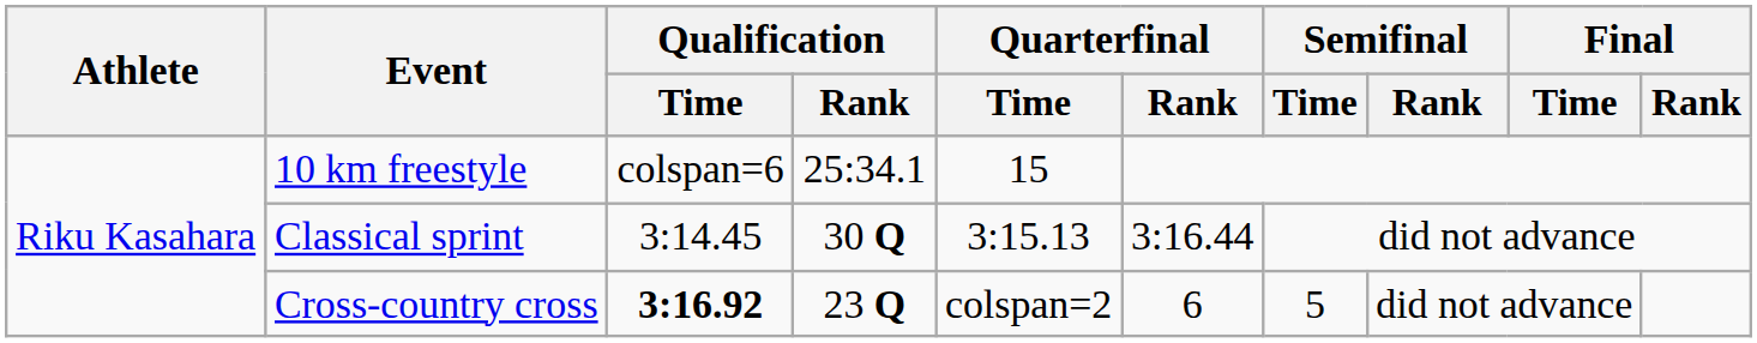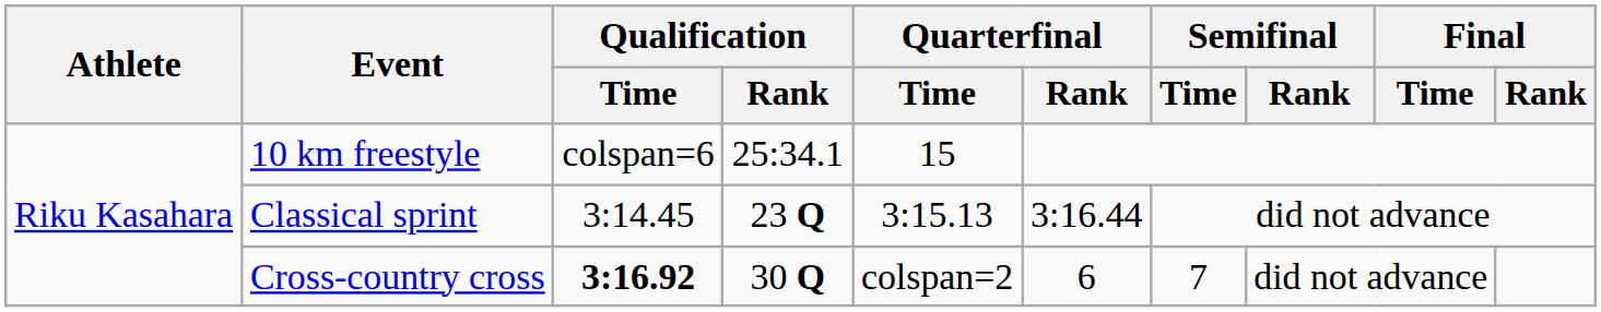 <table class="wikitable" style="font-size:90%">
 <tr>
 <th rowspan="2">Athlete</th>
 <th rowspan="2">Event</th>
 <th colspan="2">Qualification</th>
 <th colspan="2">Quarterfinal</th>
 <th colspan="2">Semifinal</th>
 <th colspan="2">Final</th>
 </tr>
 <tr style="font-size:95%">
 <th>Time</th>
 <th>Rank</th>
 <th>Time</th>
 <th>Rank</th>
 <th>Time</th>
 <th>Rank</th>
 <th>Time</th>
 <th>Rank</th>
 </tr>
 <tr align=center>
 <td align=left rowspan=3><a href='#'>Riku Kasahara</a></td>
 <td align=left><a href='#'>10 km freestyle</a></td>
 <td>colspan=6 </td>
 <td>25:34.1</td>
 <td>15</td>
 </tr>
 <tr align=center>
 <td align=left><a href='#'>Classical sprint</a></td>
 <td>3:14.45</td>
-<td>30 <strong>Q</strong></td>
+<td>23 <strong>Q</strong></td>
 <td>3:15.13</td>
 <td>3:16.44</td>
 <td colspan=4>did not advance</td>
 </tr>
 <tr align=center>
 <td align=left><a href='#'>Cross-country cross</a></td>
 <td><strong>3:16.92</strong></td>
-<td>23 <strong>Q</strong></td>
+<td>30 <strong>Q</strong></td>
 <td>colspan=2 </td>
 <td>6</td>
-<td>5</td>
+<td>7</td>
 <td colspan=2>did not advance</td>
 </tr>
 </table>
